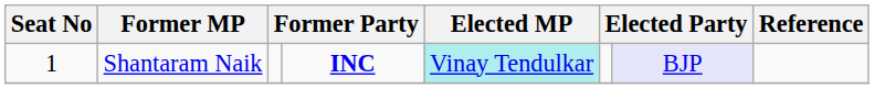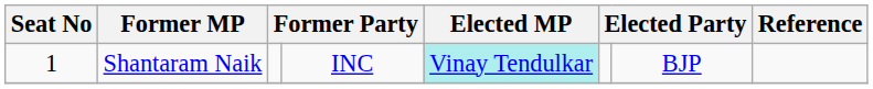 <table class="wikitable">
 <tr>
 <th>Seat No</th>
 <th>Former MP</th>
 <th colspan=2>Former Party</th>
 <th>Elected MP</th>
 <th colspan=2>Elected Party</th>
 <th>Reference</th>
 </tr>
 <tr style="text-align:center;">
 <td>1</td>
 <td><a href='#'>Shantaram Naik</a></td>
 <td width="1px"></td>
-<td><strong><a href='#'>INC</a></strong></td>
+<td><a href='#'>INC</a></td>
 <td style="background: paleturquoise;"><a href='#'>Vinay Tendulkar</a></td>
 <td width="1px"></td>
-<td style="background: lavender;"><a href='#'>BJP</a></td>
+<td><a href='#'>BJP</a></td>
 <td rowspan=1></td>
 </tr>
 <tr>
 </tr>
 </table>
